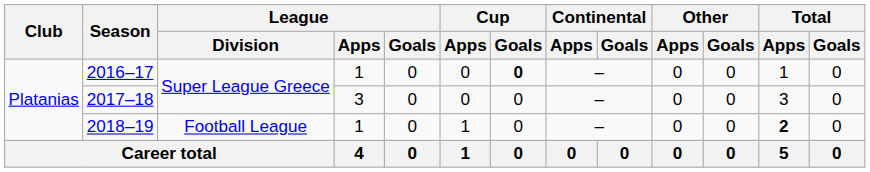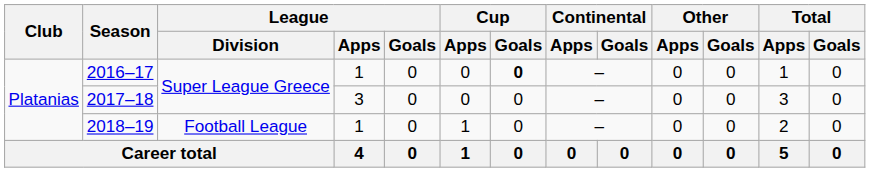 <table class="wikitable" style="text-align: center">
 <tr>
 <th rowspan="2">Club</th>
 <th rowspan="2">Season</th>
 <th colspan="3">League</th>
 <th colspan="2">Cup</th>
 <th colspan="2">Continental</th>
 <th colspan="2">Other</th>
 <th colspan="2">Total</th>
 </tr>
 <tr>
 <th>Division</th>
 <th>Apps</th>
 <th>Goals</th>
 <th>Apps</th>
 <th>Goals</th>
 <th>Apps</th>
 <th>Goals</th>
 <th>Apps</th>
 <th>Goals</th>
 <th>Apps</th>
 <th>Goals</th>
 </tr>
 <tr>
 <td rowspan="3"><a href='#'>Platanias</a></td>
 <td><a href='#'>2016–17</a></td>
 <td rowspan="2"><a href='#'>Super League Greece</a></td>
 <td>1</td>
 <td>0</td>
 <td>0</td>
 <td><strong>0</strong></td>
 <td colspan="2">–</td>
 <td>0</td>
 <td>0</td>
 <td>1</td>
 <td>0</td>
 </tr>
 <tr>
 <td><a href='#'>2017–18</a></td>
 <td>3</td>
 <td>0</td>
 <td>0</td>
 <td>0</td>
 <td colspan="2">–</td>
 <td>0</td>
 <td>0</td>
 <td>3</td>
 <td>0</td>
 </tr>
 <tr>
 <td><a href='#'>2018–19</a></td>
 <td><a href='#'>Football League</a></td>
 <td>1</td>
 <td>0</td>
 <td>1</td>
 <td>0</td>
 <td colspan="2">–</td>
 <td>0</td>
 <td>0</td>
-<td><strong>2</strong></td>
+<td>2</td>
 <td>0</td>
 </tr>
 <tr>
 <th colspan="3"><strong>Career total</strong></th>
 <th>4</th>
 <th>0</th>
 <th>1</th>
 <th>0</th>
 <th>0</th>
 <th>0</th>
 <th>0</th>
 <th>0</th>
 <th>5</th>
 <th>0</th>
 </tr>
 </table>
